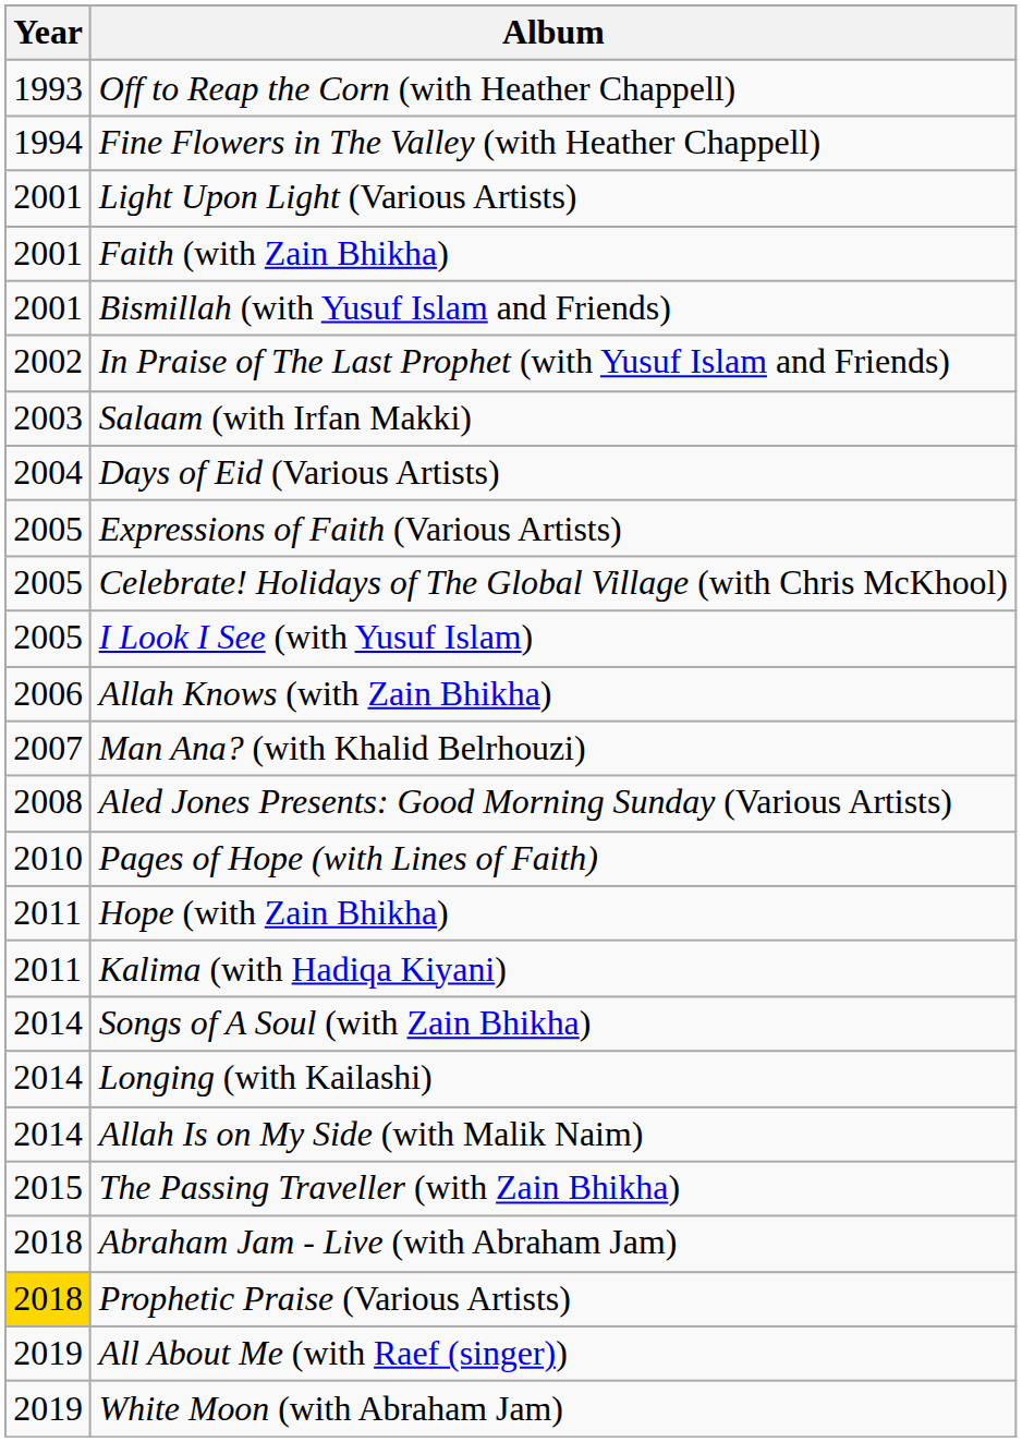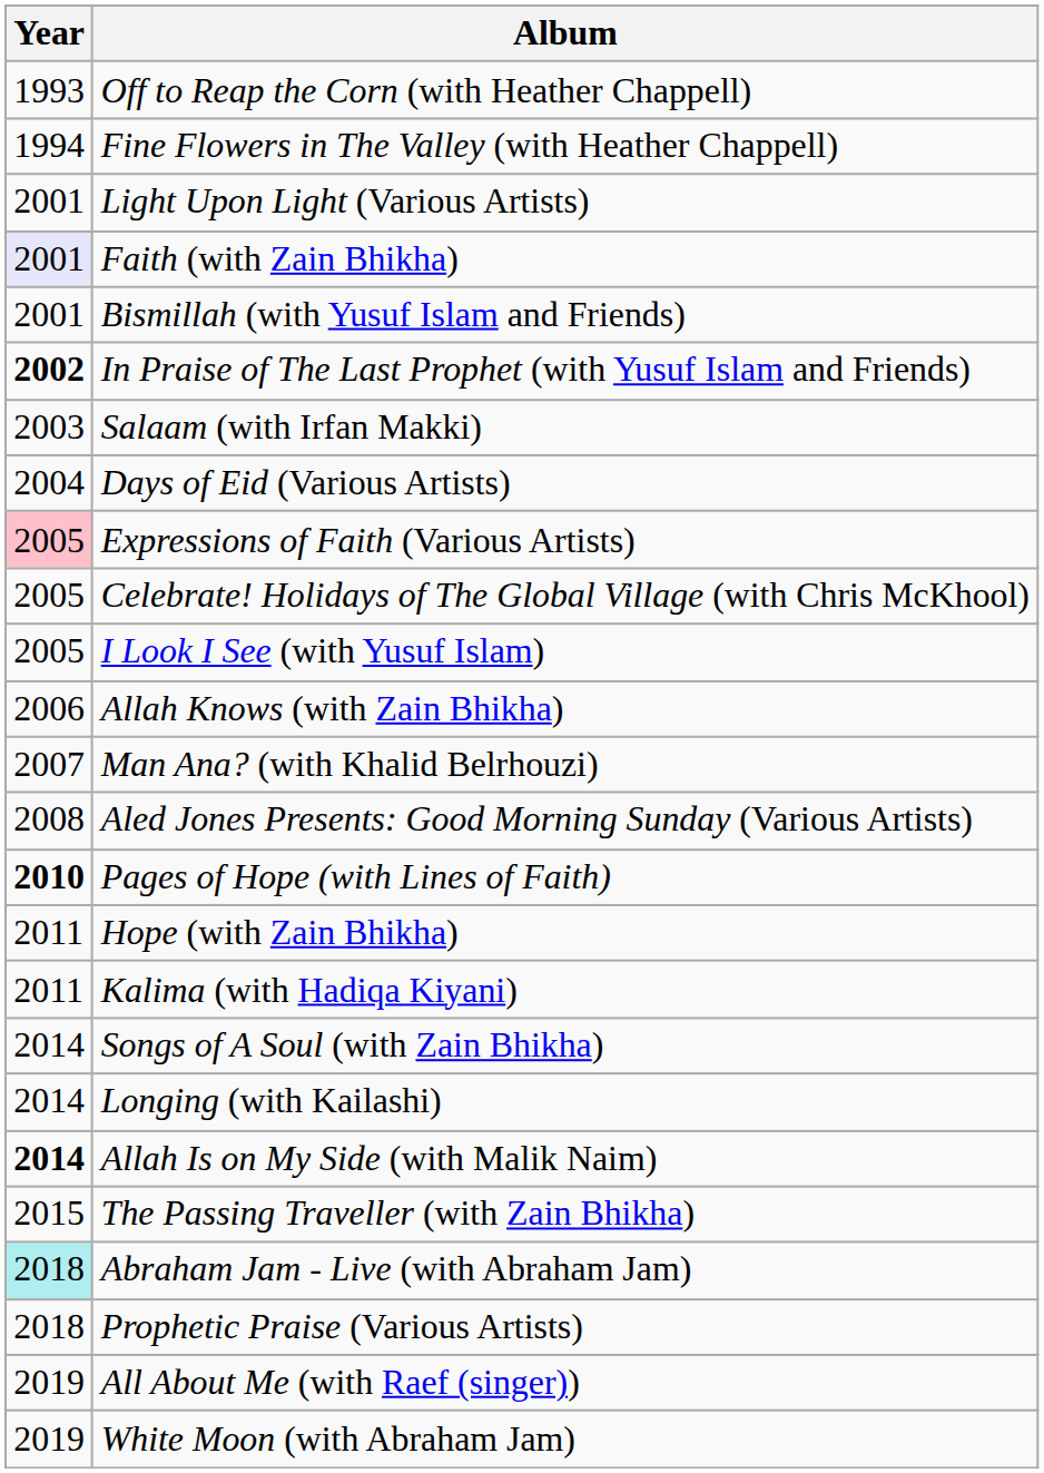 <table class="wikitable">
 <tr>
 <th>Year</th>
 <th>Album</th>
 </tr>
 <tr>
 <td>1993</td>
 <td><em>Off to Reap the Corn</em> (with Heather Chappell)</td>
 </tr>
 <tr>
 <td>1994</td>
 <td><em>Fine Flowers in The Valley</em> (with Heather Chappell)</td>
 </tr>
 <tr>
 <td>2001</td>
 <td><em>Light Upon Light</em> (Various Artists)</td>
 </tr>
 <tr>
-<td>2001</td>
+<td style="background: lavender;">2001</td>
 <td><em>Faith</em> (with <a href='#'>Zain Bhikha</a>)</td>
 </tr>
 <tr>
 <td>2001</td>
 <td><em>Bismillah</em> (with <a href='#'>Yusuf Islam</a> and Friends)</td>
 </tr>
 <tr>
-<td>2002</td>
+<td><strong>2002</strong></td>
 <td><em>In Praise of The Last Prophet</em> (with <a href='#'>Yusuf Islam</a> and Friends)</td>
 </tr>
 <tr>
 <td>2003</td>
 <td><em>Salaam</em> (with Irfan Makki)</td>
 </tr>
 <tr>
 <td>2004</td>
 <td><em>Days of Eid</em> (Various Artists)</td>
 </tr>
 <tr>
-<td>2005</td>
+<td style="background: pink;">2005</td>
 <td><em>Expressions of Faith</em> (Various Artists)</td>
 </tr>
 <tr>
 <td>2005</td>
 <td><em>Celebrate! Holidays of The Global Village</em> (with Chris McKhool)</td>
 </tr>
 <tr>
 <td>2005</td>
 <td><em><a href='#'>I Look I See</a></em> (with <a href='#'>Yusuf Islam</a>)</td>
 </tr>
 <tr>
 <td>2006</td>
 <td><em>Allah Knows</em> (with <a href='#'>Zain Bhikha</a>)</td>
 </tr>
 <tr>
 <td>2007</td>
 <td><em>Man Ana?</em> (with Khalid Belrhouzi)</td>
 </tr>
 <tr>
 <td>2008</td>
 <td><em>Aled Jones Presents: Good Morning Sunday</em> (Various Artists)</td>
 </tr>
 <tr>
-<td>2010</td>
+<td><strong>2010</strong></td>
 <td><em>Pages of Hope (with Lines of Faith)</em></td>
 </tr>
 <tr>
 <td>2011</td>
 <td><em>Hope</em> (with <a href='#'>Zain Bhikha</a>)</td>
 </tr>
 <tr>
 <td>2011</td>
 <td><em>Kalima</em> (with <a href='#'>Hadiqa Kiyani</a>)</td>
 </tr>
 <tr>
 <td>2014</td>
 <td><em>Songs of A Soul</em> (with <a href='#'>Zain Bhikha</a>)</td>
 </tr>
 <tr>
 <td>2014</td>
 <td><em>Longing</em> (with Kailashi)</td>
 </tr>
 <tr>
-<td>2014</td>
+<td><strong>2014</strong></td>
 <td><em>Allah Is on My Side</em> (with Malik Naim)</td>
 </tr>
 <tr>
 <td>2015</td>
 <td><em>The Passing Traveller</em> (with <a href='#'>Zain Bhikha</a>)</td>
 </tr>
 <tr>
-<td>2018</td>
+<td style="background: paleturquoise;">2018</td>
 <td><em>Abraham Jam - Live</em> (with Abraham Jam)</td>
 </tr>
 <tr>
-<td style="background: gold;">2018</td>
+<td>2018</td>
 <td><em>Prophetic Praise</em> (Various Artists)</td>
 </tr>
 <tr>
 <td>2019</td>
 <td><em>All About Me</em> (with <a href='#'>Raef (singer)</a>)</td>
 </tr>
 <tr>
 <td>2019</td>
 <td><em>White Moon</em> (with Abraham Jam)</td>
 </tr>
 </table>
